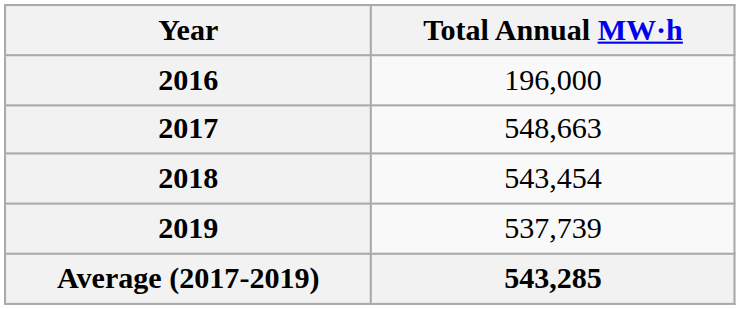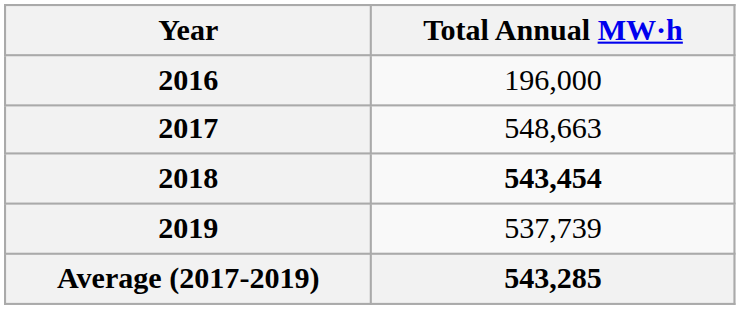 <table class=wikitable style="text-align:center; font-size:0.9em; width:350px;">
 <tr>
 <th>Year</th>
 <th>Total Annual <a href='#'>MW·h</a></th>
 </tr>
 <tr>
 <th>2016</th>
 <td>196,000</td>
 </tr>
 <tr>
 <th>2017</th>
 <td>548,663</td>
 </tr>
 <tr>
 <th>2018</th>
-<td>543,454</td>
+<td><strong>543,454</strong></td>
 </tr>
 <tr>
 <th>2019</th>
 <td>537,739</td>
 </tr>
 <tr>
 <th>Average (2017-2019)</th>
 <th>543,285</th>
 </tr>
 </table>
